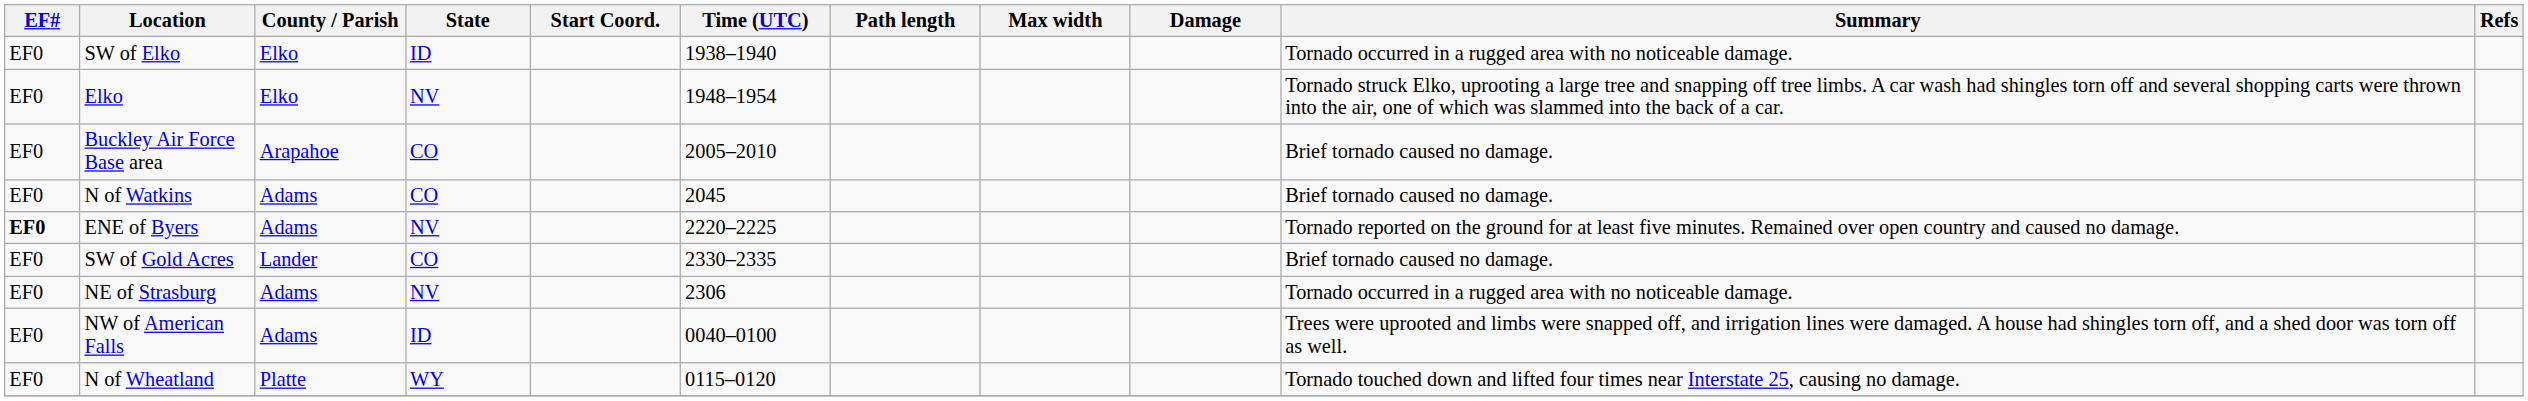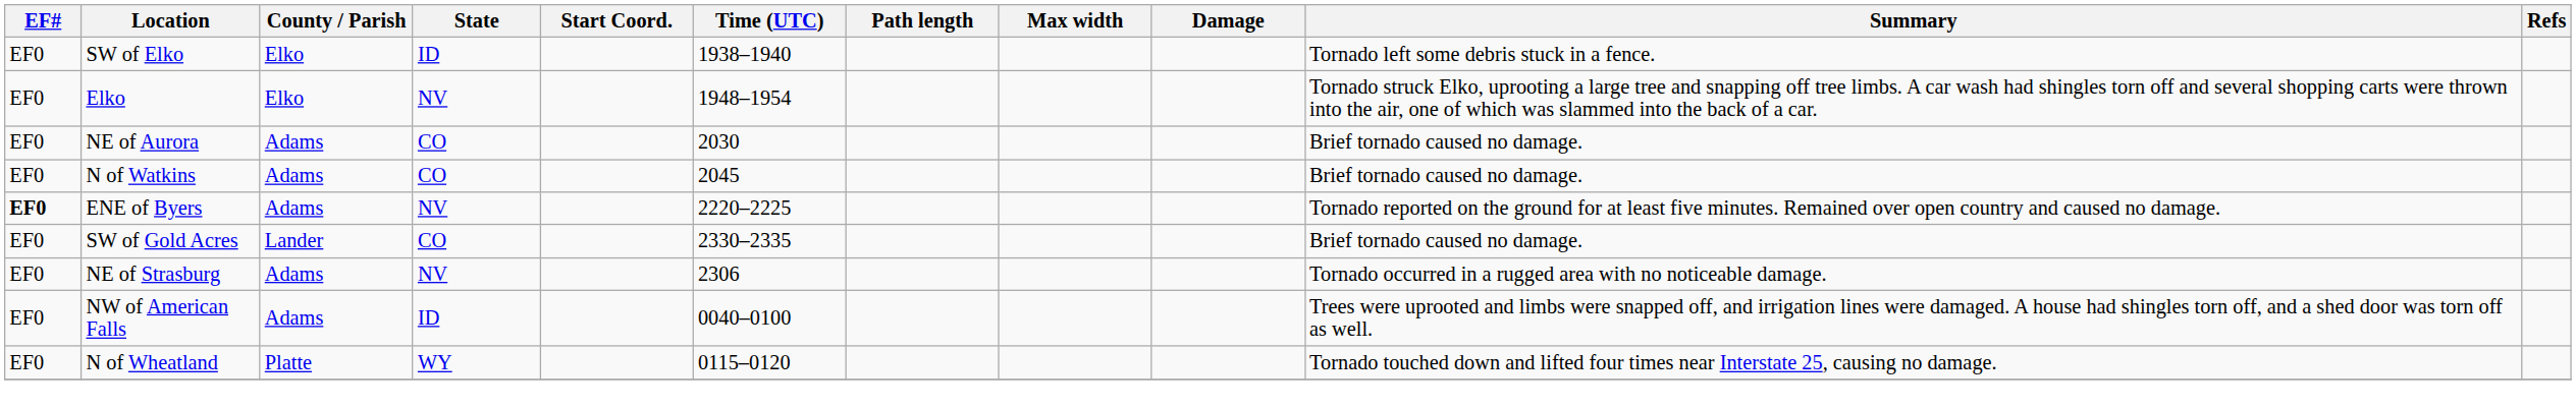 <table class="wikitable sortable" style="width:100%;">
 <tr>
 <th scope="col" width="3%" align="center"><a href='#'>EF#</a></th>
 <th scope="col" width="7%" align="center" class="unsortable">Location</th>
 <th scope="col" width="6%" align="center" class="unsortable">County / Parish</th>
 <th scope="col" width="5%" align="center">State</th>
 <th scope="col" width="6%" align="center">Start Coord.</th>
 <th scope="col" width="6%" align="center">Time (<a href='#'>UTC</a>)</th>
 <th scope="col" width="6%" align="center">Path length</th>
 <th scope="col" width="6%" align="center">Max width</th>
 <th scope="col" width="6%" align="center">Damage</th>
 <th scope="col" width="48%" class="unsortable" align="center">Summary</th>
 <th scope="col" width="48%" class="unsortable" align="center">Refs</th>
 </tr>
 <tr>
 <td>EF0</td>
 <td>SW of <a href='#'>Elko</a></td>
 <td><a href='#'>Elko</a></td>
 <td><a href='#'>ID</a></td>
 <td></td>
 <td>1938–1940</td>
 <td></td>
 <td></td>
 <td></td>
-<td>Tornado occurred in a rugged area with no noticeable damage.</td>
+<td>Tornado left some debris stuck in a fence.</td>
 <td></td>
 </tr>
 <tr>
 <td>EF0</td>
 <td><a href='#'>Elko</a></td>
 <td><a href='#'>Elko</a></td>
 <td><a href='#'>NV</a></td>
 <td></td>
 <td>1948–1954</td>
 <td></td>
 <td></td>
 <td></td>
 <td>Tornado struck Elko, uprooting a large tree and snapping off tree limbs. A car wash had shingles torn off and several shopping carts were thrown into the air, one of which was slammed into the back of a car.</td>
 <td></td>
 </tr>
 <tr>
 <td>EF0</td>
-<td><a href='#'>Buckley Air Force Base</a> area</td>
-<td><a href='#'>Arapahoe</a></td>
+<td>NE of <a href='#'>Aurora</a></td>
+<td><a href='#'>Adams</a></td>
 <td><a href='#'>CO</a></td>
 <td></td>
-<td>2005–2010</td>
+<td>2030</td>
 <td></td>
 <td></td>
 <td></td>
 <td>Brief tornado caused no damage.</td>
 <td></td>
 </tr>
 <tr>
 <td>EF0</td>
 <td>N of <a href='#'>Watkins</a></td>
 <td><a href='#'>Adams</a></td>
 <td><a href='#'>CO</a></td>
 <td></td>
 <td>2045</td>
 <td></td>
 <td></td>
 <td></td>
 <td>Brief tornado caused no damage.</td>
 <td></td>
 </tr>
 <tr>
 <td><strong>EF0</strong></td>
 <td>ENE of <a href='#'>Byers</a></td>
 <td><a href='#'>Adams</a></td>
 <td><a href='#'>NV</a></td>
 <td></td>
 <td>2220–2225</td>
 <td></td>
 <td></td>
 <td></td>
 <td>Tornado reported on the ground for at least five minutes. Remained over open country and caused no damage.</td>
 <td></td>
 </tr>
 <tr>
 <td>EF0</td>
 <td>SW of <a href='#'>Gold Acres</a></td>
 <td><a href='#'>Lander</a></td>
 <td><a href='#'>CO</a></td>
 <td></td>
 <td>2330–2335</td>
 <td></td>
 <td></td>
 <td></td>
 <td>Brief tornado caused no damage.</td>
 <td></td>
 </tr>
 <tr>
 <td>EF0</td>
 <td>NE of <a href='#'>Strasburg</a></td>
 <td><a href='#'>Adams</a></td>
 <td><a href='#'>NV</a></td>
 <td></td>
 <td>2306</td>
 <td></td>
 <td></td>
 <td></td>
 <td>Tornado occurred in a rugged area with no noticeable damage.</td>
 <td></td>
 </tr>
 <tr>
 <td>EF0</td>
 <td>NW of <a href='#'>American Falls</a></td>
 <td><a href='#'>Adams</a></td>
 <td><a href='#'>ID</a></td>
 <td></td>
 <td>0040–0100</td>
 <td></td>
 <td></td>
 <td></td>
 <td>Trees were uprooted and limbs were snapped off, and irrigation lines were damaged. A house had shingles torn off, and a shed door was torn off as well.</td>
 <td></td>
 </tr>
 <tr>
 <td>EF0</td>
 <td>N of <a href='#'>Wheatland</a></td>
 <td><a href='#'>Platte</a></td>
 <td><a href='#'>WY</a></td>
 <td></td>
 <td>0115–0120</td>
 <td></td>
 <td></td>
 <td></td>
 <td>Tornado touched down and lifted four times near <a href='#'>Interstate 25</a>, causing no damage.</td>
 <td></td>
 </tr>
 <tr>
 </tr>
 </table>
